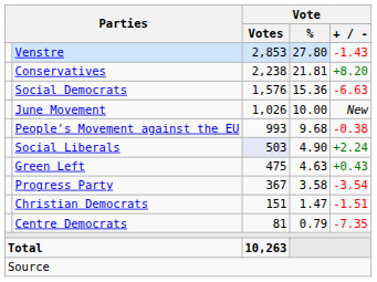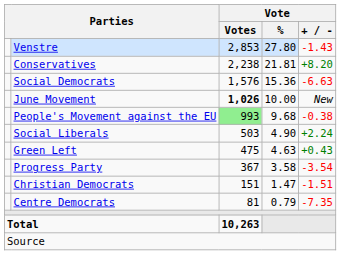 <table class="wikitable" style="text-align:right;">
 <tr>
 <th style="text-align:centre;" rowspan="2" colspan="2" width="225">Parties</th>
 <th colspan="3">Vote</th>
 </tr>
 <tr>
 <th width="15">Votes</th>
 <th width="15">%</th>
 <th width="15">+ / -</th>
 </tr>
 <tr>
 <td width="2" style="color:inherit;background:"></td>
 <td bgcolor=#cfe5fe   align="left"><a href='#'>Venstre</a></td>
 <td bgcolor=#cfe5fe>2,853</td>
 <td bgcolor=#cfe5fe>27.80</td>
 <td style=color:red;>-1.43</td>
 </tr>
 <tr>
 <td width="2" style="color:inherit;background:"></td>
 <td align="left"><a href='#'>Conservatives</a></td>
 <td>2,238</td>
 <td>21.81</td>
 <td style=color:green;>+8.20</td>
 </tr>
 <tr>
 <td width="2" style="color:inherit;background:"></td>
 <td align="left"><a href='#'>Social Democrats</a></td>
 <td>1,576</td>
 <td>15.36</td>
 <td style=color:red;>-6.63</td>
 </tr>
 <tr>
 <td width="2" style="color:inherit;background:"></td>
 <td align="left"><a href='#'>June Movement</a></td>
-<td>1,026</td>
+<td><strong>1,026</strong></td>
 <td>10.00</td>
 <td><em>New</em></td>
 </tr>
 <tr>
 <td width="2" style="color:inherit;background:"></td>
 <td align="left"><a href='#'>People's Movement against the EU</a></td>
-<td>993</td>
+<td style="background: lightgreen;">993</td>
 <td>9.68</td>
 <td style=color:red;>-0.38</td>
 </tr>
 <tr>
 <td width="2" style="color:inherit;background:"></td>
 <td align="left"><a href='#'>Social Liberals</a></td>
-<td style="background: lavender;">503</td>
+<td>503</td>
 <td>4.90</td>
 <td style=color:green;>+2.24</td>
 </tr>
 <tr>
 <td width="2" style="color:inherit;background:"></td>
 <td align="left"><a href='#'>Green Left</a></td>
 <td>475</td>
 <td>4.63</td>
 <td style=color:green;>+0.43</td>
 </tr>
 <tr>
 <td width="2" style="color:inherit;background:"></td>
 <td align="left"><a href='#'>Progress Party</a></td>
 <td>367</td>
 <td>3.58</td>
 <td style=color:red;>-3.54</td>
 </tr>
 <tr>
 <td width="2" style="color:inherit;background:"></td>
 <td align="left"><a href='#'>Christian Democrats</a></td>
 <td>151</td>
 <td>1.47</td>
 <td style=color:red;>-1.51</td>
 </tr>
 <tr>
 <td width="2" style="color:inherit;background:"></td>
 <td align="left"><a href='#'>Centre Democrats</a></td>
 <td>81</td>
 <td>0.79</td>
 <td style=color:red;>-7.35</td>
 </tr>
 <tr>
 <td colspan="7" bgcolor="#E9E9E9"></td>
 </tr>
 <tr>
 <td align="left" colspan="2"><strong>Total</strong></td>
 <td><strong>10,263</strong></td>
 <td bgcolor="#E9E9E9" colspan="2"></td>
 </tr>
 <tr>
 <td align="left" colspan="6">Source</td>
 </tr>
 </table>
